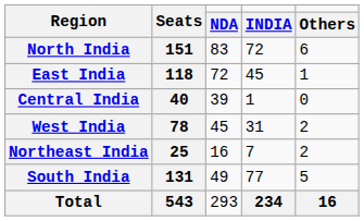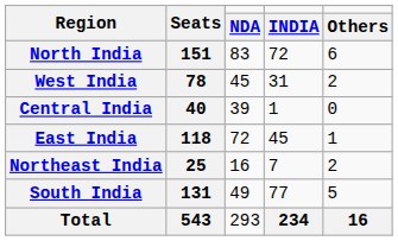 <table class="sortable wikitable defaultcenter col1left" style="font-size: 100%">
 <tr>
 <th rowspan="2">Region</th>
 <th rowspan="2">Seats</th>
 <td></td>
 <td></td>
 <td></td>
 </tr>
 <tr>
 <th><a href='#'>NDA</a></th>
 <th><a href='#'>INDIA</a></th>
 <th>Others</th>
 </tr>
 <tr>
 <th><a href='#'>North India</a></th>
 <th>151</th>
 <td style="background:">83</td>
 <td>72</td>
 <td>6</td>
 </tr>
 <tr>
-<th><a href='#'>East India</a></th>
-<th>118</th>
-<td style="background:">72</td>
-<td>45</td>
-<td>1</td>
+<th><a href='#'>West India</a></th>
+<th>78</th>
+<td style="background:">45</td>
+<td>31</td>
+<td>2</td>
 </tr>
 <tr>
 <th><a href='#'>Central India</a></th>
 <th>40</th>
 <td style="background:">39</td>
 <td>1</td>
 <td>0</td>
 </tr>
 <tr>
-<th><a href='#'>West India</a></th>
-<th>78</th>
-<td style="background:">45</td>
-<td>31</td>
-<td>2</td>
+<th><a href='#'>East India</a></th>
+<th>118</th>
+<td style="background:">72</td>
+<td>45</td>
+<td>1</td>
 </tr>
 <tr>
 <th><a href='#'>Northeast India</a></th>
 <th>25</th>
 <td style="background:">16</td>
 <td>7</td>
 <td>2</td>
 </tr>
 <tr>
 <th><a href='#'>South India</a></th>
 <th>131</th>
 <td>49</td>
 <td style="background:">77</td>
 <td>5</td>
 </tr>
 <tr>
 <th>Total</th>
 <th>543</th>
 <td style="background:">293</td>
 <th>234</th>
 <th>16</th>
 </tr>
 </table>
